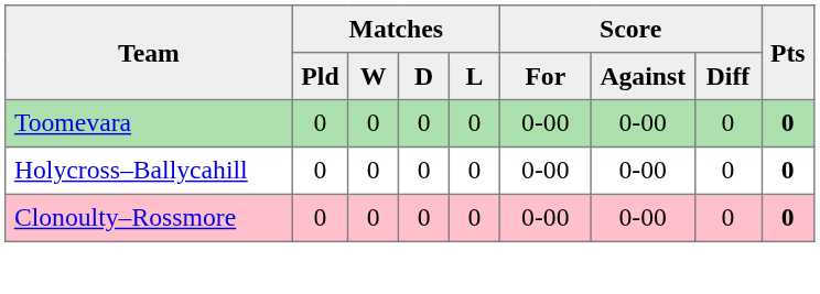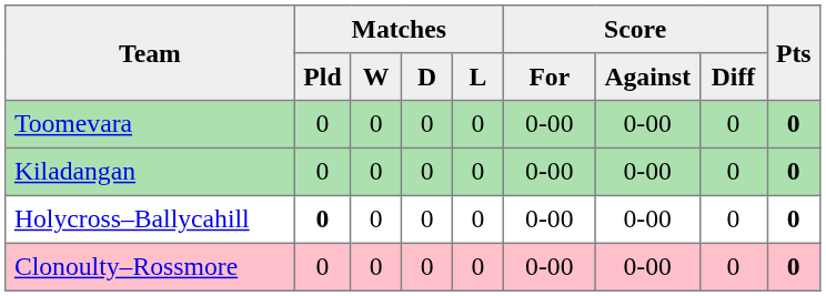 <table style=border-collapse:collapse border=1 cellspacing=0 cellpadding=5>
 <tr align=center bgcolor=#efefef>
 <th rowspan=2 width=165>Team</th>
 <th colspan=4>Matches</th>
 <th colspan=3>Score</th>
 <th rowspan=2width=20>Pts</th>
 </tr>
 <tr align=center bgcolor=#efefef>
 <th width=20>Pld</th>
 <th width=20>W</th>
 <th width=20>D</th>
 <th width=20>L</th>
 <th width=45>For</th>
 <th width=45>Against</th>
 <th width=30>Diff</th>
 </tr>
 <tr align=center style="background:#ACE1AF;">
 <td style="text-align:left;"> <a href='#'>Toomevara</a></td>
 <td>0</td>
 <td>0</td>
 <td>0</td>
 <td>0</td>
 <td>0-00</td>
 <td>0-00</td>
 <td>0</td>
 <td><strong>0</strong></td>
 </tr>
+<tr align=center style="background:#ACE1AF;">
+<td style="text-align:left;"> <a href='#'>Kiladangan</a></td>
+<td>0</td>
+<td>0</td>
+<td>0</td>
+<td>0</td>
+<td>0-00</td>
+<td>0-00</td>
+<td>0</td>
+<td><strong>0</strong></td>
+</tr>
 <tr align=center>
 <td style="text-align:left;"> <a href='#'>Holycross–Ballycahill</a></td>
-<td>0</td>
+<td><strong>0</strong></td>
 <td>0</td>
 <td>0</td>
 <td>0</td>
 <td>0-00</td>
 <td>0-00</td>
 <td>0</td>
 <td><strong>0</strong></td>
 </tr>
 <tr align=center style="background:#FFC0CB;">
 <td style="text-align:left;"> <a href='#'>Clonoulty–Rossmore</a></td>
 <td>0</td>
 <td>0</td>
 <td>0</td>
 <td>0</td>
 <td>0-00</td>
 <td>0-00</td>
 <td>0</td>
 <td><strong>0</strong></td>
 </tr>
 </table>
